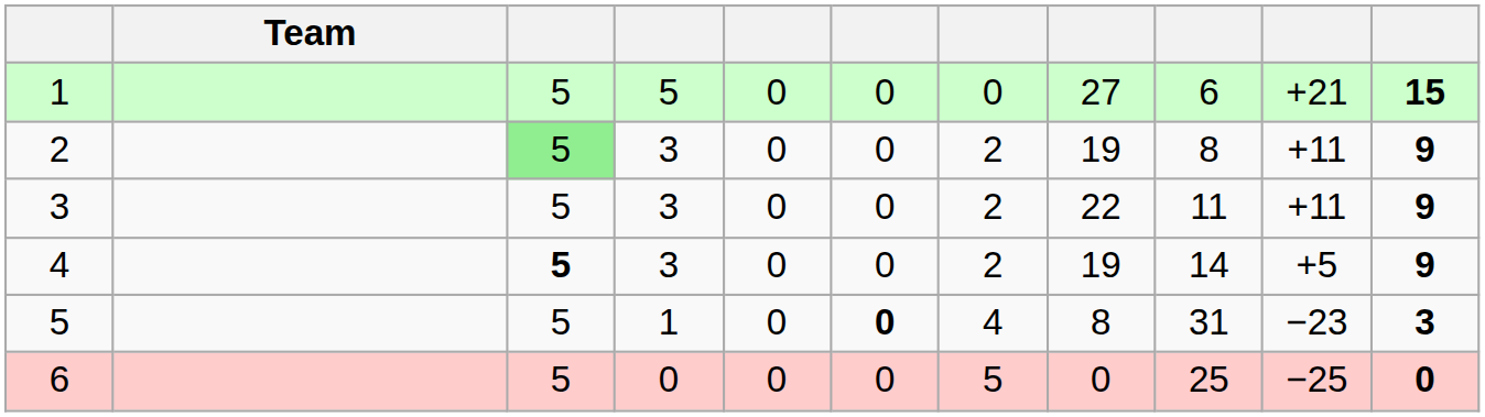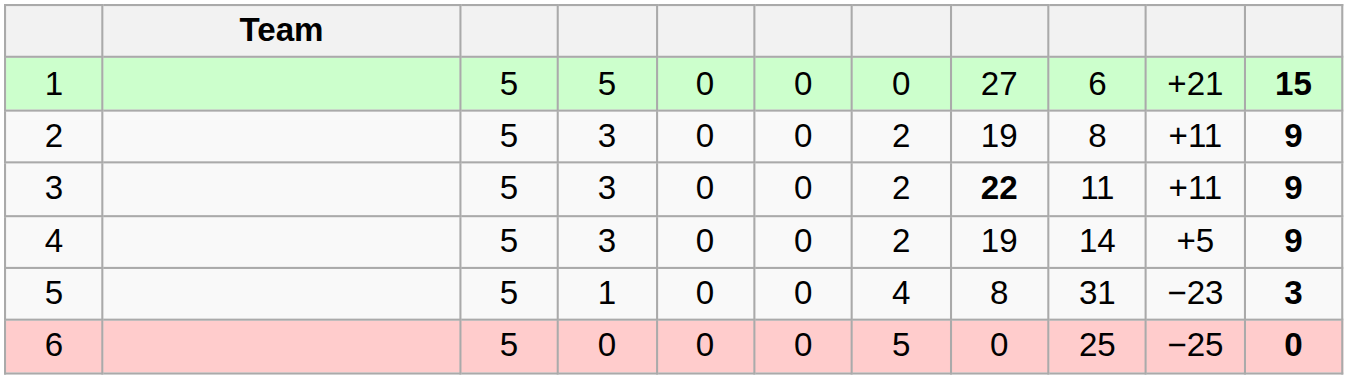 <table class="wikitable" style="text-align:center;">
 <tr>
 <th width=40></th>
 <th width=165>Team</th>
 <th width=40></th>
 <th width=40></th>
 <th width=40></th>
 <th width=40></th>
 <th width=40></th>
 <th width=40></th>
 <th width=40></th>
 <th width=40></th>
 <th width=40></th>
 </tr>
 <tr style="background:#ccffcc;">
 <td>1</td>
 <td align=left></td>
 <td>5</td>
 <td>5</td>
 <td>0</td>
 <td>0</td>
 <td>0</td>
 <td>27</td>
 <td>6</td>
 <td>+21</td>
 <td><strong>15</strong></td>
 </tr>
 <tr>
 <td>2</td>
 <td align=left></td>
-<td style="background: lightgreen;">5</td>
+<td>5</td>
 <td>3</td>
 <td>0</td>
 <td>0</td>
 <td>2</td>
 <td>19</td>
 <td>8</td>
 <td>+11</td>
 <td><strong>9</strong></td>
 </tr>
 <tr>
 <td>3</td>
 <td align=left></td>
 <td>5</td>
 <td>3</td>
 <td>0</td>
 <td>0</td>
 <td>2</td>
-<td>22</td>
+<td><strong>22</strong></td>
 <td>11</td>
 <td>+11</td>
 <td><strong>9</strong></td>
 </tr>
 <tr>
 <td>4</td>
 <td align=left></td>
-<td><strong>5</strong></td>
+<td>5</td>
 <td>3</td>
 <td>0</td>
 <td>0</td>
 <td>2</td>
 <td>19</td>
 <td>14</td>
 <td>+5</td>
 <td><strong>9</strong></td>
 </tr>
 <tr>
 <td>5</td>
 <td align=left></td>
 <td>5</td>
 <td>1</td>
 <td>0</td>
-<td><strong>0</strong></td>
+<td>0</td>
 <td>4</td>
 <td>8</td>
 <td>31</td>
 <td>−23</td>
 <td><strong>3</strong></td>
 </tr>
 <tr style="background:#ffcccc;">
 <td>6</td>
 <td align=left></td>
 <td>5</td>
 <td>0</td>
 <td>0</td>
 <td>0</td>
 <td>5</td>
 <td>0</td>
 <td>25</td>
 <td>−25</td>
 <td><strong>0</strong></td>
 </tr>
 </table>
